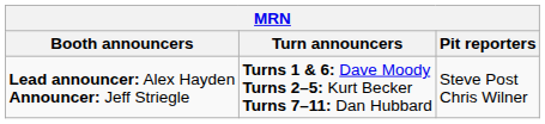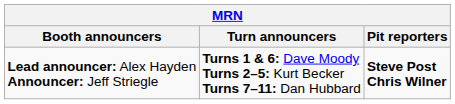 <table class="wikitable" style="font-size: 95%">
 <tr>
 <th colspan="3"><a href='#'>MRN</a></th>
 </tr>
 <tr>
 <th>Booth announcers</th>
 <th>Turn announcers</th>
 <th>Pit reporters</th>
 </tr>
 <tr>
 <td><strong>Lead announcer:</strong> Alex Hayden<br><strong>Announcer:</strong> Jeff Striegle</td>
 <td><strong>Turns 1 & 6:</strong> <a href='#'>Dave Moody</a><br><strong>Turns 2–5:</strong> Kurt Becker<br><strong>Turns 7–11:</strong> Dan Hubbard</td>
-<td>Steve Post<br>Chris Wilner</td>
+<td><strong>Steve Post<br>Chris Wilner</strong></td>
 </tr>
 </table>
